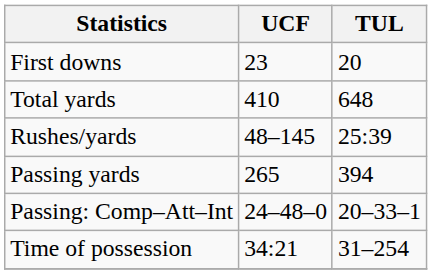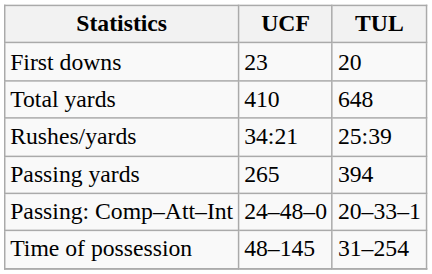 <table class="wikitable" style="float: left;">
 <tr>
 <th>Statistics</th>
 <th>UCF</th>
 <th>TUL</th>
 </tr>
 <tr>
 <td>First downs</td>
 <td>23</td>
 <td>20</td>
 </tr>
 <tr>
 <td>Total yards</td>
 <td>410</td>
 <td>648</td>
 </tr>
 <tr>
 <td>Rushes/yards</td>
-<td>48–145</td>
+<td>34:21</td>
 <td>25:39</td>
 </tr>
 <tr>
 <td>Passing yards</td>
 <td>265</td>
 <td>394</td>
 </tr>
 <tr>
 <td>Passing: Comp–Att–Int</td>
 <td>24–48–0</td>
 <td>20–33–1</td>
 </tr>
 <tr>
 <td>Time of possession</td>
-<td>34:21</td>
+<td>48–145</td>
 <td>31–254</td>
 </tr>
 <tr>
 </tr>
 </table>
